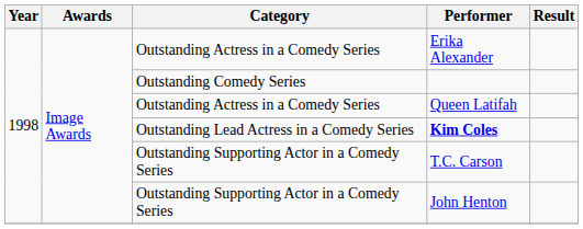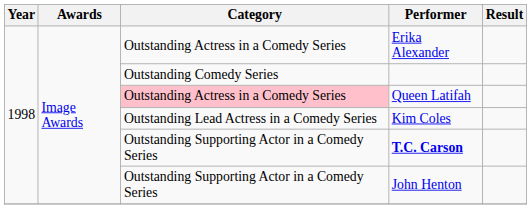 <table class="wikitable">
 <tr>
 <th>Year</th>
 <th>Awards</th>
 <th>Category</th>
 <th>Performer</th>
 <th>Result</th>
 </tr>
 <tr>
 <td rowspan="6">1998</td>
 <td rowspan="6"><a href='#'>Image Awards</a></td>
 <td>Outstanding Actress in a Comedy Series</td>
 <td><a href='#'>Erika Alexander</a></td>
 <td></td>
 </tr>
 <tr>
 <td>Outstanding Comedy Series</td>
 <td></td>
 <td></td>
 </tr>
 <tr>
-<td>Outstanding Actress in a Comedy Series</td>
+<td style="background: pink;">Outstanding Actress in a Comedy Series</td>
 <td><a href='#'>Queen Latifah</a></td>
 <td></td>
 </tr>
 <tr>
 <td>Outstanding Lead Actress in a Comedy Series</td>
-<td><strong><a href='#'>Kim Coles</a></strong></td>
+<td><a href='#'>Kim Coles</a></td>
 <td></td>
 </tr>
 <tr>
 <td>Outstanding Supporting Actor in a Comedy Series</td>
-<td><a href='#'>T.C. Carson</a></td>
+<td><strong><a href='#'>T.C. Carson</a></strong></td>
 <td></td>
 </tr>
 <tr>
 <td>Outstanding Supporting Actor in a Comedy Series</td>
 <td><a href='#'>John Henton</a></td>
 <td></td>
 </tr>
 <tr>
 </tr>
 </table>
